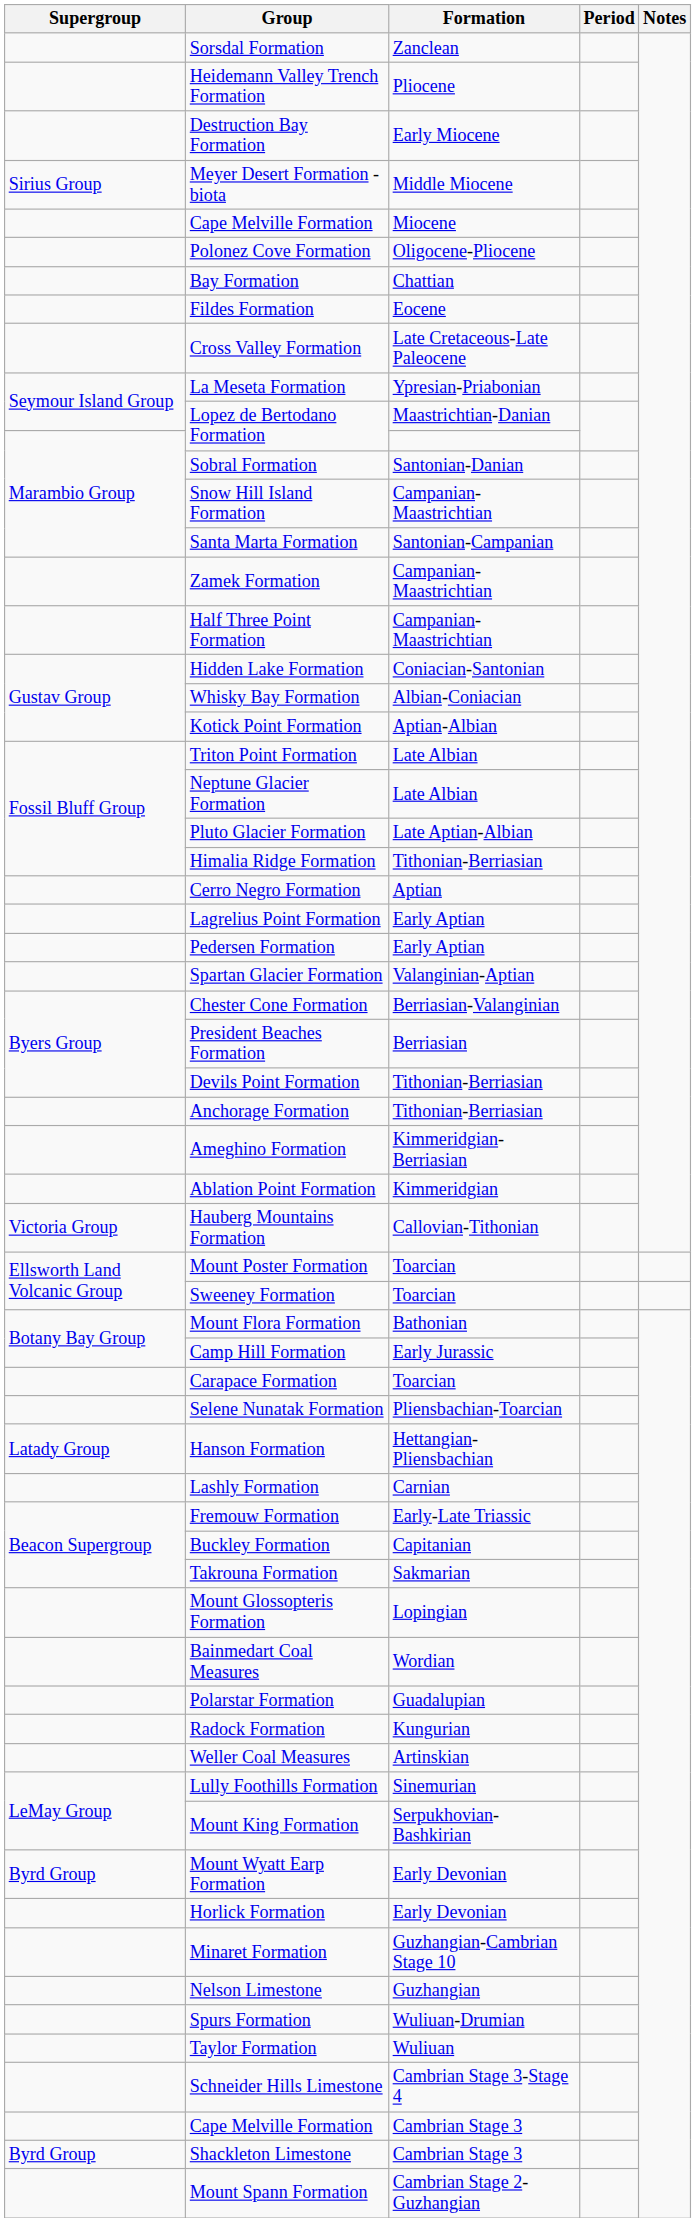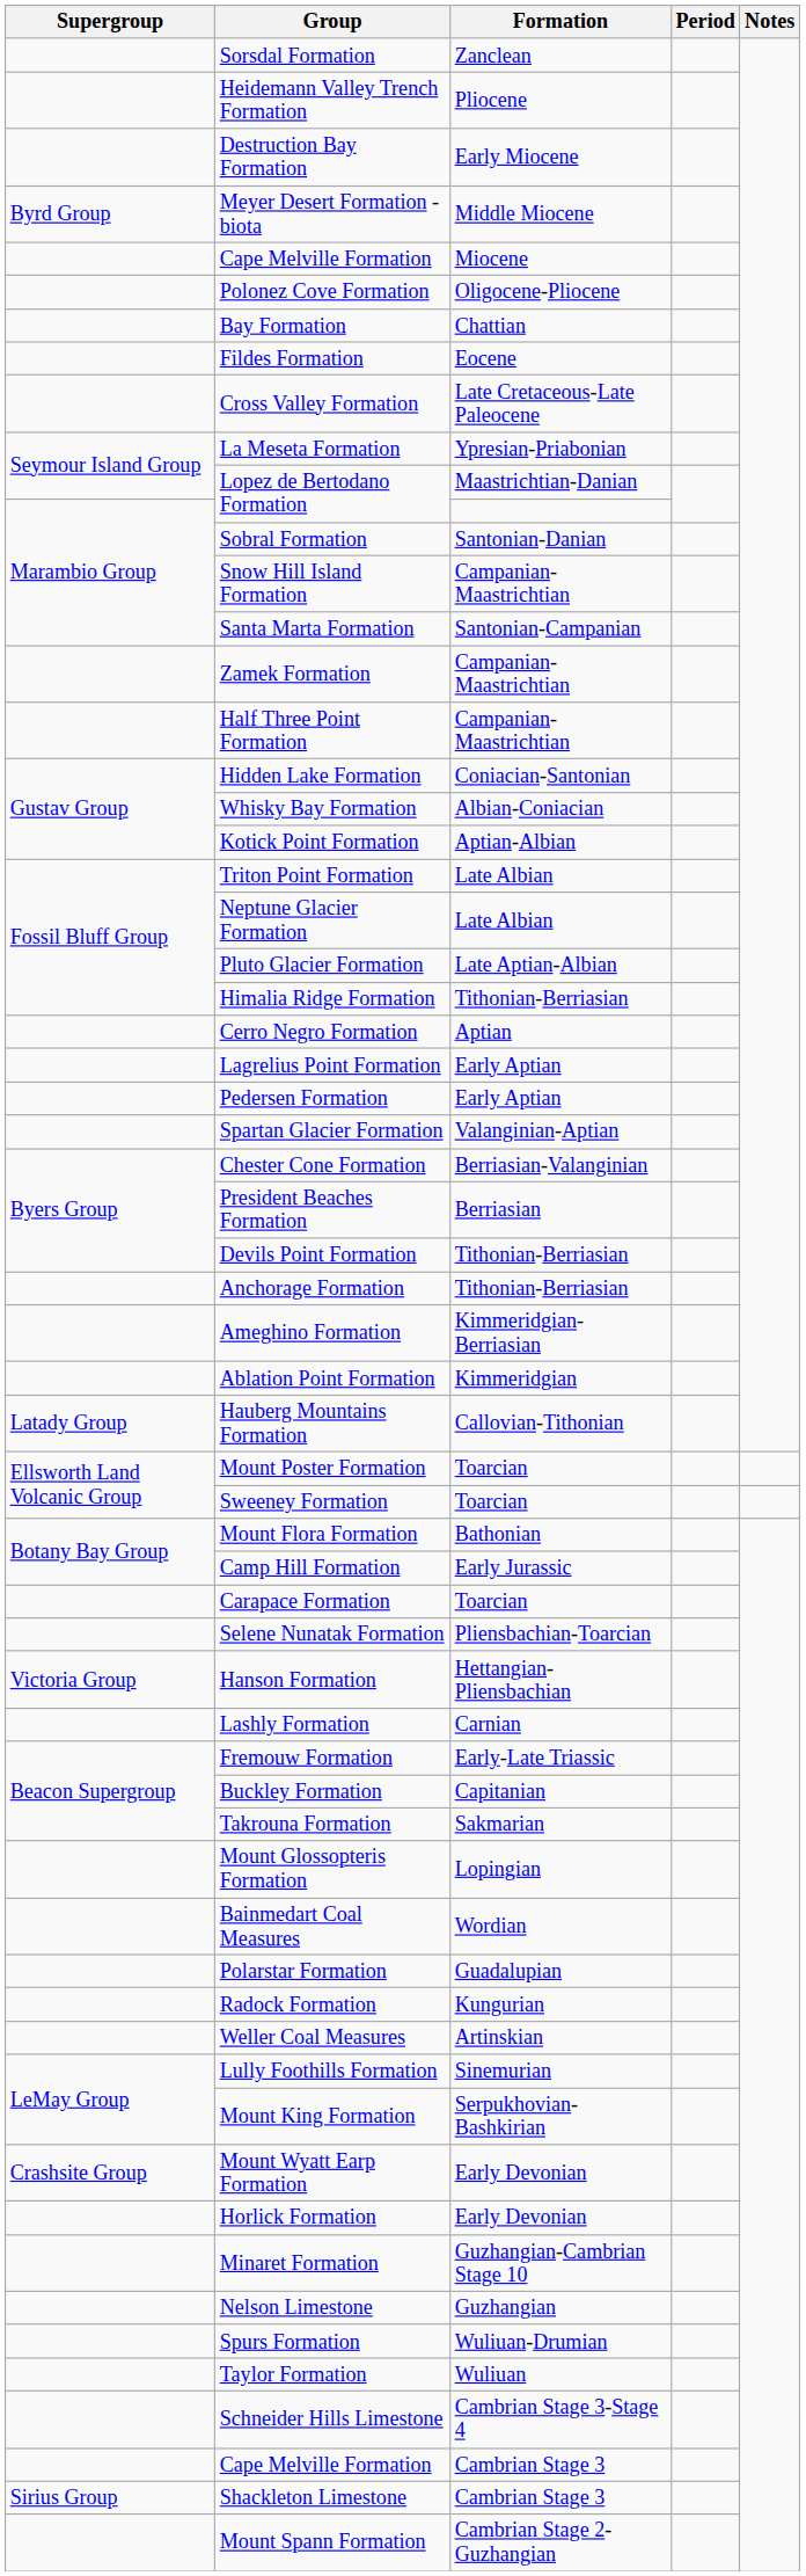 <table class="wikitable sortable">
 <tr>
 <th>Supergroup</th>
 <th>Group</th>
 <th>Formation</th>
 <th>Period</th>
 <th class="unsortable">Notes</th>
 </tr>
 <tr>
 <td></td>
 <td><a href='#'>Sorsdal Formation</a></td>
 <td style="background-color: "><a href='#'>Zanclean</a></td>
 <td align=center></td>
 </tr>
 <tr>
 <td></td>
 <td><a href='#'>Heidemann Valley Trench Formation</a></td>
 <td style="background-color: "><a href='#'>Pliocene</a></td>
 <td align=center></td>
 </tr>
 <tr>
 <td></td>
 <td><a href='#'>Destruction Bay Formation</a></td>
 <td style="background-color: "><a href='#'>Early Miocene</a></td>
 <td align=center></td>
 </tr>
 <tr>
-<td><a href='#'>Sirius Group</a></td>
+<td><a href='#'>Byrd Group</a></td>
 <td><a href='#'>Meyer Desert Formation</a> - <a href='#'>biota</a></td>
 <td style="background-color: "><a href='#'>Middle Miocene</a></td>
 <td align=center></td>
 </tr>
 <tr>
 <td></td>
 <td><a href='#'>Cape Melville Formation</a></td>
 <td style="background-color: "><a href='#'>Miocene</a></td>
 <td align=center></td>
 </tr>
 <tr>
 <td></td>
 <td><a href='#'>Polonez Cove Formation</a></td>
 <td style="background-color: "><a href='#'>Oligocene</a>-<a href='#'>Pliocene</a></td>
 <td align=center></td>
 </tr>
 <tr>
 <td></td>
 <td><a href='#'>Bay Formation</a></td>
 <td style="background-color: "><a href='#'>Chattian</a></td>
 <td align=center></td>
 </tr>
 <tr>
 <td></td>
 <td><a href='#'>Fildes Formation</a></td>
 <td style="background-color: "><a href='#'>Eocene</a></td>
 <td align=center></td>
 </tr>
 <tr>
 <td></td>
 <td><a href='#'>Cross Valley Formation</a></td>
 <td style="background-color: "><a href='#'>Late Cretaceous</a>-<a href='#'>Late Paleocene</a></td>
 <td align=center></td>
 </tr>
 <tr>
 <td rowspan=2><a href='#'>Seymour Island Group</a></td>
 <td><a href='#'>La Meseta Formation</a></td>
 <td style="background-color: "><a href='#'>Ypresian</a>-<a href='#'>Priabonian</a></td>
 <td align=center></td>
 </tr>
 <tr>
 <td rowspan=2><a href='#'>Lopez de Bertodano Formation</a></td>
 <td style="background-color: "><a href='#'>Maastrichtian</a>-<a href='#'>Danian</a></td>
 <td align=center rowspan=2></td>
 </tr>
 <tr>
 <td rowspan=4><a href='#'>Marambio Group</a></td>
 </tr>
 <tr>
 <td><a href='#'>Sobral Formation</a></td>
 <td style="background-color: "><a href='#'>Santonian</a>-<a href='#'>Danian</a></td>
 <td align=center></td>
 </tr>
 <tr>
 <td><a href='#'>Snow Hill Island Formation</a></td>
 <td style="background-color: "><a href='#'>Campanian</a>-<a href='#'>Maastrichtian</a></td>
 <td align=center></td>
 </tr>
 <tr>
 <td><a href='#'>Santa Marta Formation</a></td>
 <td style="background-color: "><a href='#'>Santonian</a>-<a href='#'>Campanian</a></td>
 <td align=center></td>
 </tr>
 <tr>
 <td></td>
 <td><a href='#'>Zamek Formation</a></td>
 <td style="background-color: "><a href='#'>Campanian</a>-<a href='#'>Maastrichtian</a></td>
 <td align=center></td>
 </tr>
 <tr>
 <td></td>
 <td><a href='#'>Half Three Point Formation</a></td>
 <td style="background-color: "><a href='#'>Campanian</a>-<a href='#'>Maastrichtian</a></td>
 <td align=center></td>
 </tr>
 <tr>
 <td rowspan=3><a href='#'>Gustav Group</a></td>
 <td><a href='#'>Hidden Lake Formation</a></td>
 <td style="background-color: "><a href='#'>Coniacian</a>-<a href='#'>Santonian</a></td>
 <td align=center></td>
 </tr>
 <tr>
 <td><a href='#'>Whisky Bay Formation</a></td>
 <td style="background-color: "><a href='#'>Albian</a>-<a href='#'>Coniacian</a></td>
 <td align=center></td>
 </tr>
 <tr>
 <td><a href='#'>Kotick Point Formation</a></td>
 <td style="background-color: "><a href='#'>Aptian</a>-<a href='#'>Albian</a></td>
 <td align=center></td>
 </tr>
 <tr>
 <td rowspan=4><a href='#'>Fossil Bluff Group</a></td>
 <td><a href='#'>Triton Point Formation</a></td>
 <td style="background-color: "><a href='#'>Late Albian</a></td>
 <td align=center></td>
 </tr>
 <tr>
 <td><a href='#'>Neptune Glacier Formation</a></td>
 <td style="background-color: "><a href='#'>Late Albian</a></td>
 <td align=center></td>
 </tr>
 <tr>
 <td><a href='#'>Pluto Glacier Formation</a></td>
 <td style="background-color: "><a href='#'>Late Aptian</a>-<a href='#'>Albian</a></td>
 <td align=center></td>
 </tr>
 <tr>
 <td><a href='#'>Himalia Ridge Formation</a></td>
 <td style="background-color: "><a href='#'>Tithonian</a>-<a href='#'>Berriasian</a></td>
 <td align=center></td>
 </tr>
 <tr>
 <td></td>
 <td><a href='#'>Cerro Negro Formation</a></td>
 <td style="background-color: "><a href='#'>Aptian</a></td>
 <td align=center></td>
 </tr>
 <tr>
 <td></td>
 <td><a href='#'>Lagrelius Point Formation</a></td>
 <td style="background-color: "><a href='#'>Early Aptian</a></td>
 <td align=center></td>
 </tr>
 <tr>
 <td></td>
 <td><a href='#'>Pedersen Formation</a></td>
 <td style="background-color: "><a href='#'>Early Aptian</a></td>
 <td align=center></td>
 </tr>
 <tr>
 <td></td>
 <td><a href='#'>Spartan Glacier Formation</a></td>
 <td style="background-color: "><a href='#'>Valanginian</a>-<a href='#'>Aptian</a></td>
 <td align=center></td>
 </tr>
 <tr>
 <td rowspan=3><a href='#'>Byers Group</a></td>
 <td><a href='#'>Chester Cone Formation</a></td>
 <td style="background-color: "><a href='#'>Berriasian</a>-<a href='#'>Valanginian</a></td>
 <td align=center></td>
 </tr>
 <tr>
 <td><a href='#'>President Beaches Formation</a></td>
 <td style="background-color: "><a href='#'>Berriasian</a></td>
 <td align=center></td>
 </tr>
 <tr>
 <td><a href='#'>Devils Point Formation</a></td>
 <td style="background-color: "><a href='#'>Tithonian</a>-<a href='#'>Berriasian</a></td>
 <td align=center></td>
 </tr>
 <tr>
 <td></td>
 <td><a href='#'>Anchorage Formation</a></td>
 <td style="background-color: "><a href='#'>Tithonian</a>-<a href='#'>Berriasian</a></td>
 <td align=center></td>
 </tr>
 <tr>
 <td></td>
 <td><a href='#'>Ameghino Formation</a></td>
 <td style="background-color: "><a href='#'>Kimmeridgian</a>-<a href='#'>Berriasian</a></td>
 <td align=center></td>
 </tr>
 <tr>
 <td></td>
 <td><a href='#'>Ablation Point Formation</a></td>
 <td style="background-color: "><a href='#'>Kimmeridgian</a></td>
 <td align=center></td>
 </tr>
 <tr>
-<td><a href='#'>Victoria Group</a></td>
+<td><a href='#'>Latady Group</a></td>
 <td><a href='#'>Hauberg Mountains Formation</a></td>
 <td style="background-color: "><a href='#'>Callovian</a>-<a href='#'>Tithonian</a></td>
 <td align=center></td>
 </tr>
 <tr>
 <td rowspan="2"><a href='#'>Ellsworth Land Volcanic Group</a></td>
 <td><a href='#'>Mount Poster Formation</a></td>
 <td style="background-color: "><a href='#'>Toarcian</a></td>
 <td align=center></td>
 <td></td>
 </tr>
 <tr>
 <td><a href='#'>Sweeney Formation</a></td>
 <td style="background-color: "><a href='#'>Toarcian</a></td>
 <td align=center></td>
 <td></td>
 </tr>
 <tr>
 <td rowspan=2><a href='#'>Botany Bay Group</a></td>
 <td><a href='#'>Mount Flora Formation</a></td>
 <td style="background-color: "><a href='#'>Bathonian</a></td>
 <td align=center></td>
 </tr>
 <tr>
 <td><a href='#'>Camp Hill Formation</a></td>
 <td style="background-color: "><a href='#'>Early Jurassic</a></td>
 <td align=center></td>
 </tr>
 <tr>
 <td></td>
 <td><a href='#'>Carapace Formation</a></td>
 <td style="background-color: "><a href='#'>Toarcian</a></td>
 <td align=center></td>
 </tr>
 <tr>
 <td></td>
 <td><a href='#'>Selene Nunatak Formation</a></td>
 <td style="background-color: "><a href='#'>Pliensbachian</a>-<a href='#'>Toarcian</a></td>
 <td align=center></td>
 </tr>
 <tr>
-<td><a href='#'>Latady Group</a></td>
+<td><a href='#'>Victoria Group</a></td>
 <td><a href='#'>Hanson Formation</a></td>
 <td style="background-color: "><a href='#'>Hettangian</a>-<a href='#'>Pliensbachian</a></td>
 <td align=center></td>
 </tr>
 <tr>
 <td></td>
 <td><a href='#'>Lashly Formation</a></td>
 <td style="background-color: "><a href='#'>Carnian</a></td>
 <td align=center></td>
 </tr>
 <tr>
 <td rowspan=3><a href='#'>Beacon Supergroup</a></td>
 <td><a href='#'>Fremouw Formation</a></td>
 <td style="background-color: "><a href='#'>Early</a>-<a href='#'>Late Triassic</a></td>
 <td align=center></td>
 </tr>
 <tr>
 <td><a href='#'>Buckley Formation</a></td>
 <td style="background-color: "><a href='#'>Capitanian</a></td>
 <td align=center></td>
 </tr>
 <tr>
 <td><a href='#'>Takrouna Formation</a></td>
 <td style="background-color: "><a href='#'>Sakmarian</a></td>
 <td align=center></td>
 </tr>
 <tr>
 <td></td>
 <td><a href='#'>Mount Glossopteris Formation</a></td>
 <td style="background-color: "><a href='#'>Lopingian</a></td>
 <td align=center></td>
 </tr>
 <tr>
 <td></td>
 <td><a href='#'>Bainmedart Coal Measures</a></td>
 <td style="background-color: "><a href='#'>Wordian</a></td>
 <td align=center></td>
 </tr>
 <tr>
 <td></td>
 <td><a href='#'>Polarstar Formation</a></td>
 <td style="background-color: "><a href='#'>Guadalupian</a></td>
 <td align=center></td>
 </tr>
 <tr>
 <td></td>
 <td><a href='#'>Radock Formation</a></td>
 <td style="background-color: "><a href='#'>Kungurian</a></td>
 <td align=center></td>
 </tr>
 <tr>
 <td></td>
 <td><a href='#'>Weller Coal Measures</a></td>
 <td style="background-color: "><a href='#'>Artinskian</a></td>
 <td align=center></td>
 </tr>
 <tr>
 <td rowspan=2><a href='#'>LeMay Group</a></td>
 <td><a href='#'>Lully Foothills Formation</a></td>
 <td style="background-color: "><a href='#'>Sinemurian</a></td>
 <td align=center></td>
 </tr>
 <tr>
 <td><a href='#'>Mount King Formation</a></td>
 <td style="background-color: "><a href='#'>Serpukhovian</a>-<a href='#'>Bashkirian</a></td>
 <td align=center></td>
 </tr>
 <tr>
-<td><a href='#'>Byrd Group</a></td>
+<td><a href='#'>Crashsite Group</a></td>
 <td><a href='#'>Mount Wyatt Earp Formation</a></td>
 <td style="background-color: "><a href='#'>Early Devonian</a></td>
 <td align=center></td>
 </tr>
 <tr>
 <td></td>
 <td><a href='#'>Horlick Formation</a></td>
 <td style="background-color: "><a href='#'>Early Devonian</a></td>
 <td align=center></td>
 </tr>
 <tr>
 <td></td>
 <td><a href='#'>Minaret Formation</a></td>
 <td style="background-color: "><a href='#'>Guzhangian</a>-<a href='#'>Cambrian Stage 10</a></td>
 <td align=center></td>
 </tr>
 <tr>
 <td></td>
 <td><a href='#'>Nelson Limestone</a></td>
 <td style="background-color: "><a href='#'>Guzhangian</a></td>
 <td align=center></td>
 </tr>
 <tr>
 <td></td>
 <td><a href='#'>Spurs Formation</a></td>
 <td style="background-color: "><a href='#'>Wuliuan</a>-<a href='#'>Drumian</a></td>
 <td align=center></td>
 </tr>
 <tr>
 <td></td>
 <td><a href='#'>Taylor Formation</a></td>
 <td style="background-color: "><a href='#'>Wuliuan</a></td>
 <td align=center></td>
 </tr>
 <tr>
 <td></td>
 <td><a href='#'>Schneider Hills Limestone</a></td>
 <td style="background-color: "><a href='#'>Cambrian Stage 3</a>-<a href='#'>Stage 4</a></td>
 <td align=center></td>
 </tr>
 <tr>
 <td></td>
 <td><a href='#'>Cape Melville Formation</a></td>
 <td style="background-color: "><a href='#'>Cambrian Stage 3</a></td>
 <td align=center></td>
 </tr>
 <tr>
-<td><a href='#'>Byrd Group</a></td>
+<td><a href='#'>Sirius Group</a></td>
 <td><a href='#'>Shackleton Limestone</a></td>
 <td style="background-color: "><a href='#'>Cambrian Stage 3</a></td>
 <td align=center></td>
 </tr>
 <tr>
 <td></td>
 <td><a href='#'>Mount Spann Formation</a></td>
 <td style="background-color: "><a href='#'>Cambrian Stage 2</a>-<a href='#'>Guzhangian</a></td>
 <td align=center></td>
 </tr>
 <tr>
 </tr>
 </table>
